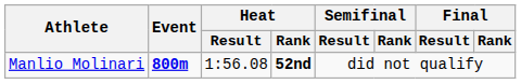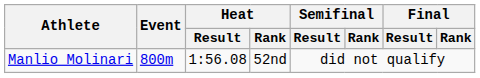 <table class="wikitable" style="font-size:90%">
 <tr>
 <th rowspan="2">Athlete</th>
 <th rowspan="2">Event</th>
 <th colspan="2">Heat</th>
 <th colspan="2">Semifinal</th>
 <th colspan="2">Final</th>
 </tr>
 <tr style="font-size:95%">
 <th>Result</th>
 <th>Rank</th>
 <th>Result</th>
 <th>Rank</th>
 <th>Result</th>
 <th>Rank</th>
 </tr>
 <tr align=center>
 <td align=left><a href='#'>Manlio Molinari</a></td>
-<td align=left><strong><a href='#'>800m</a></strong></td>
+<td align=left><a href='#'>800m</a></td>
 <td>1:56.08</td>
-<td><strong>52nd</strong></td>
+<td>52nd</td>
 <td colspan=4>did not qualify</td>
 </tr>
 </table>
